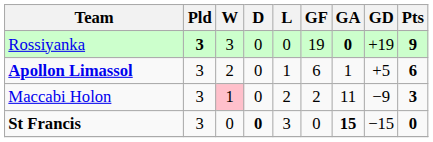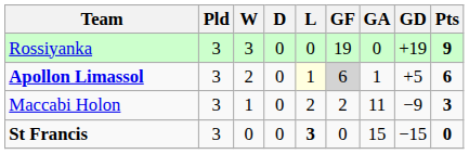 <table class="wikitable" style="text-align: center;">
 <tr>
 <th width=165>Team</th>
 <th width=20>Pld</th>
 <th width=20>W</th>
 <th width=20>D</th>
 <th width=20>L</th>
 <th width=20>GF</th>
 <th width=20>GA</th>
 <th width=20>GD</th>
 <th width=20>Pts</th>
 </tr>
 <tr align="center" bgcolor=#ccffcc>
 <td align="left"> <a href='#'>Rossiyanka</a></td>
-<td><strong>3</strong></td>
+<td>3</td>
 <td>3</td>
 <td>0</td>
 <td>0</td>
 <td>19</td>
-<td><strong>0</strong></td>
+<td>0</td>
 <td>+19</td>
 <td><strong>9</strong></td>
 </tr>
 <tr align="center">
 <td align="left"> <strong><a href='#'>Apollon Limassol</a></strong></td>
 <td>3</td>
 <td>2</td>
 <td>0</td>
-<td>1</td>
-<td>6</td>
+<td style="background: lightyellow;">1</td>
+<td style="background: lightgrey;">6</td>
 <td>1</td>
 <td>+5</td>
 <td><strong>6</strong></td>
 </tr>
 <tr align="center">
 <td align="left"> <a href='#'>Maccabi Holon</a></td>
 <td>3</td>
-<td style="background: pink;">1</td>
+<td>1</td>
 <td>0</td>
 <td>2</td>
 <td>2</td>
 <td>11</td>
 <td>−9</td>
 <td><strong>3</strong></td>
 </tr>
 <tr align="center">
 <td align="left"> <strong>St Francis</strong></td>
 <td>3</td>
 <td>0</td>
-<td><strong>0</strong></td>
-<td>3</td>
 <td>0</td>
-<td><strong>15</strong></td>
+<td><strong>3</strong></td>
+<td>0</td>
+<td>15</td>
 <td>−15</td>
 <td><strong>0</strong></td>
 </tr>
 <tr>
 </tr>
 </table>
